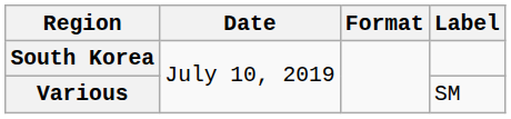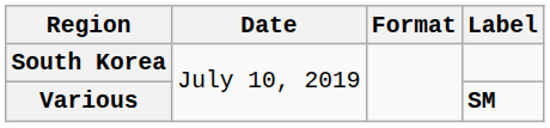 <table class="wikitable plainrowheaders">
 <tr>
 <th>Region</th>
 <th>Date</th>
 <th>Format</th>
 <th>Label</th>
 </tr>
 <tr>
 <th scope="row">South Korea</th>
 <td rowspan="2">July 10, 2019</td>
 <td rowspan="2"></td>
 <td></td>
 </tr>
 <tr>
 <th scope="row">Various</th>
-<td>SM</td>
+<td><strong>SM</strong></td>
 </tr>
 </table>
